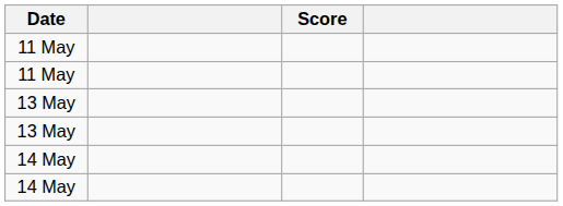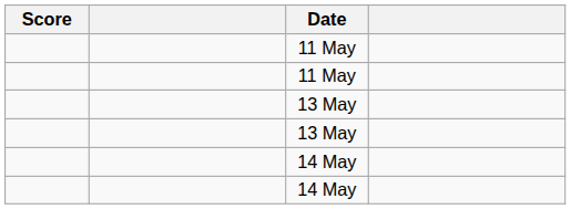 <table class="wikitable" style="text-align: center; font-size:90% ">
 <tr>
+<th width="60">Score</th>
+<th align="right" width="150"></th>
 <th width="60">Date</th>
-<th align="right" width="150"></th>
-<th width="60">Score</th>
 <th align="left" width="150"></th>
 </tr>
 <tr>
+<td align=center></td>
+<td align=left><strong></strong></td>
 <td>11 May</td>
-<td align=left><strong></strong></td>
-<td align=center></td>
 <td align=left></td>
 </tr>
 <tr>
+<td align=center></td>
+<td align=left><strong></strong></td>
 <td>11 May</td>
-<td align=left><strong></strong></td>
-<td align=center></td>
 <td align=left></td>
 </tr>
 <tr>
+<td align=center></td>
+<td align=left><strong></strong></td>
 <td>13 May</td>
-<td align=left><strong></strong></td>
-<td align=center></td>
 <td align=left></td>
 </tr>
 <tr>
+<td align=center></td>
+<td align=left><strong></strong></td>
 <td>13 May</td>
-<td align=left><strong></strong></td>
-<td align=center></td>
 <td align=left></td>
 </tr>
 <tr>
+<td align=center></td>
+<td align=left><strong></strong></td>
 <td>14 May</td>
-<td align=left><strong></strong></td>
-<td align=center></td>
 <td align=left></td>
 </tr>
 <tr>
+<td align=center></td>
+<td align=left></td>
 <td>14 May</td>
-<td align=left></td>
-<td align=center></td>
 <td align=left><strong></strong></td>
 </tr>
 </table>
